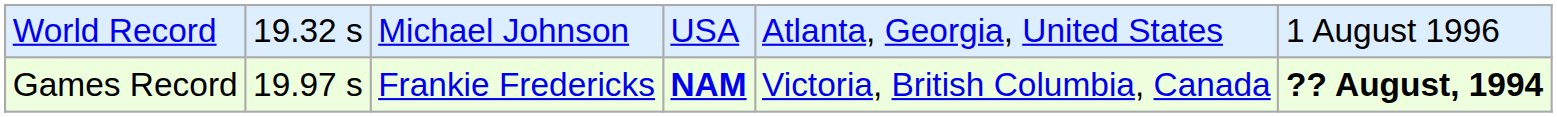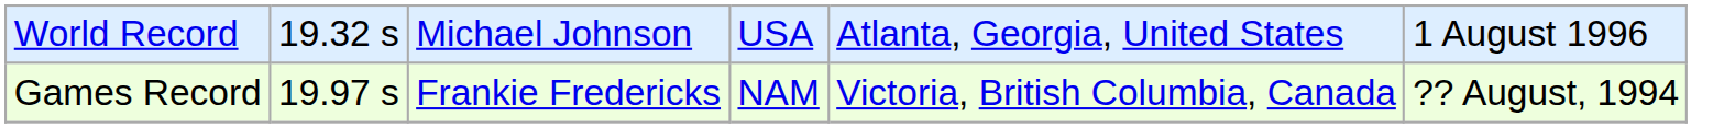 <table class="wikitable">
 <tr bgcolor = "ddeeff">
 <td><a href='#'>World Record</a></td>
 <td>19.32 s</td>
 <td><a href='#'>Michael Johnson</a></td>
 <td><a href='#'>USA</a></td>
 <td><a href='#'>Atlanta</a>, <a href='#'>Georgia</a>, <a href='#'>United States</a></td>
 <td>1 August 1996</td>
 </tr>
 <tr bgcolor = "eeffdd">
 <td>Games Record</td>
 <td>19.97 s</td>
 <td><a href='#'>Frankie Fredericks</a></td>
-<td><strong><a href='#'>NAM</a></strong></td>
+<td><a href='#'>NAM</a></td>
 <td><a href='#'>Victoria</a>, <a href='#'>British Columbia</a>, <a href='#'>Canada</a></td>
-<td><strong>?? August, 1994</strong></td>
+<td>?? August, 1994</td>
 </tr>
 </table>
